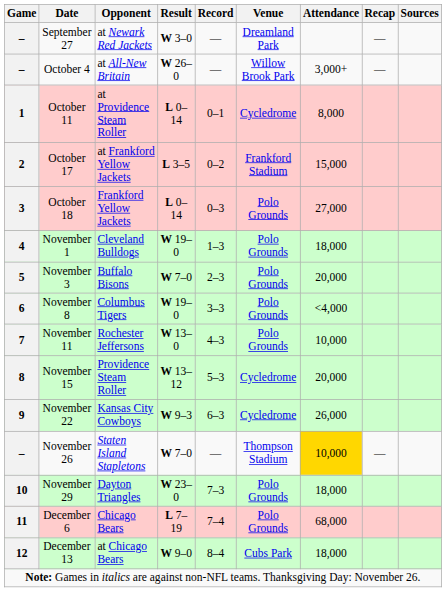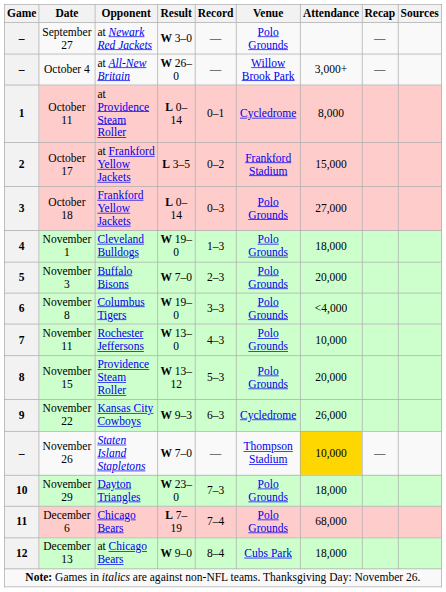 <table class="wikitable" style="text-align:center">
 <tr>
 <th>Game</th>
 <th>Date</th>
 <th>Opponent</th>
 <th>Result</th>
 <th>Record</th>
 <th>Venue</th>
 <th>Attendance</th>
 <th>Recap</th>
 <th>Sources</th>
 </tr>
 <tr>
 <th>–</th>
 <td>September 27</td>
 <td style="text-align: left;">at <em><a href='#'>Newark Red Jackets</a></em></td>
 <td><strong>W</strong> 3–0</td>
 <td>—</td>
-<td><a href='#'>Dreamland Park</a></td>
+<td><a href='#'>Polo Grounds</a></td>
 <td></td>
 <td>—</td>
 <td></td>
 </tr>
 <tr>
 <th>–</th>
 <td>October 4</td>
 <td style="text-align: left;">at <em><a href='#'>All-New Britain</a></em></td>
 <td><strong>W</strong> 26–0</td>
 <td>—</td>
 <td><a href='#'>Willow Brook Park</a></td>
 <td>3,000+</td>
 <td>—</td>
 <td></td>
 </tr>
 <tr style="background:#fcc">
 <th>1</th>
 <td>October 11</td>
 <td style="text-align: left;">at <a href='#'>Providence Steam Roller</a></td>
 <td><strong>L</strong> 0–14</td>
 <td>0–1</td>
 <td><a href='#'>Cycledrome</a></td>
 <td>8,000</td>
 <td></td>
 <td></td>
 </tr>
 <tr style="background:#fcc">
 <th>2</th>
 <td>October 17</td>
 <td style="text-align: left;">at <a href='#'>Frankford Yellow Jackets</a></td>
 <td><strong>L</strong> 3–5</td>
 <td>0–2</td>
 <td><a href='#'>Frankford Stadium</a></td>
 <td>15,000</td>
 <td></td>
 <td></td>
 </tr>
 <tr style="background:#fcc">
 <th>3</th>
 <td>October 18</td>
 <td style="text-align: left;"><a href='#'>Frankford Yellow Jackets</a></td>
 <td><strong>L</strong> 0–14</td>
 <td>0–3</td>
 <td><a href='#'>Polo Grounds</a></td>
 <td>27,000</td>
 <td></td>
 <td></td>
 </tr>
 <tr style="background:#cfc">
 <th>4</th>
 <td>November 1</td>
 <td style="text-align: left;"><a href='#'>Cleveland Bulldogs</a></td>
 <td><strong>W</strong> 19–0</td>
 <td>1–3</td>
 <td><a href='#'>Polo Grounds</a></td>
 <td>18,000</td>
 <td></td>
 <td></td>
 </tr>
 <tr style="background:#cfc">
 <th>5</th>
 <td>November 3</td>
 <td style="text-align: left;"><a href='#'>Buffalo Bisons</a></td>
 <td><strong>W</strong> 7–0</td>
 <td>2–3</td>
 <td><a href='#'>Polo Grounds</a></td>
 <td>20,000</td>
 <td></td>
 <td></td>
 </tr>
 <tr style="background:#cfc">
 <th>6</th>
 <td>November 8</td>
 <td style="text-align: left;"><a href='#'>Columbus Tigers</a></td>
 <td><strong>W</strong> 19–0</td>
 <td>3–3</td>
 <td><a href='#'>Polo Grounds</a></td>
 <td><4,000 </td>
 <td></td>
 <td></td>
 </tr>
 <tr style="background:#cfc">
 <th>7</th>
 <td>November 11</td>
 <td style="text-align: left;"><a href='#'>Rochester Jeffersons</a></td>
 <td><strong>W</strong> 13–0</td>
 <td>4–3</td>
 <td><a href='#'>Polo Grounds</a></td>
 <td>10,000</td>
 <td></td>
 <td></td>
 </tr>
 <tr style="background:#cfc">
 <th>8</th>
 <td>November 15</td>
 <td style="text-align: left;"><a href='#'>Providence Steam Roller</a></td>
 <td><strong>W</strong> 13–12</td>
 <td>5–3</td>
-<td><a href='#'>Cycledrome</a></td>
+<td><a href='#'>Polo Grounds</a></td>
 <td>20,000</td>
 <td></td>
 <td></td>
 </tr>
 <tr style="background:#cfc">
 <th>9</th>
 <td>November 22</td>
 <td style="text-align: left;"><a href='#'>Kansas City Cowboys</a></td>
 <td><strong>W</strong> 9–3</td>
 <td>6–3</td>
 <td><a href='#'>Cycledrome</a></td>
 <td>26,000</td>
 <td></td>
 <td></td>
 </tr>
 <tr>
 <th>–</th>
 <td>November 26</td>
 <td style="text-align: left;"><em><a href='#'>Staten Island Stapletons</a></em></td>
 <td><strong>W</strong> 7–0</td>
 <td>—</td>
 <td><a href='#'>Thompson Stadium</a></td>
 <td style="background: gold;">10,000</td>
 <td>—</td>
 <td></td>
 </tr>
 <tr style="background:#cfc">
 <th>10</th>
 <td>November 29</td>
 <td style="text-align: left;"><a href='#'>Dayton Triangles</a></td>
 <td><strong>W</strong> 23–0</td>
 <td>7–3</td>
 <td><a href='#'>Polo Grounds</a></td>
 <td>18,000</td>
 <td></td>
 <td></td>
 </tr>
 <tr style="background:#fcc">
 <th>11</th>
 <td>December 6</td>
 <td style="text-align: left;"><a href='#'>Chicago Bears</a></td>
 <td><strong>L</strong> 7–19</td>
 <td>7–4</td>
 <td><a href='#'>Polo Grounds</a></td>
 <td>68,000</td>
 <td></td>
 <td></td>
 </tr>
 <tr style="background:#cfc">
 <th>12</th>
 <td>December 13</td>
 <td style="text-align: left;">at <a href='#'>Chicago Bears</a></td>
 <td><strong>W</strong> 9–0</td>
 <td>8–4</td>
 <td><a href='#'>Cubs Park</a></td>
 <td>18,000</td>
 <td></td>
 <td></td>
 </tr>
 <tr>
 <td colspan="10"><strong>Note:</strong> Games in <em>italics</em> are against non-NFL teams. Thanksgiving Day: November 26.</td>
 </tr>
 </table>
